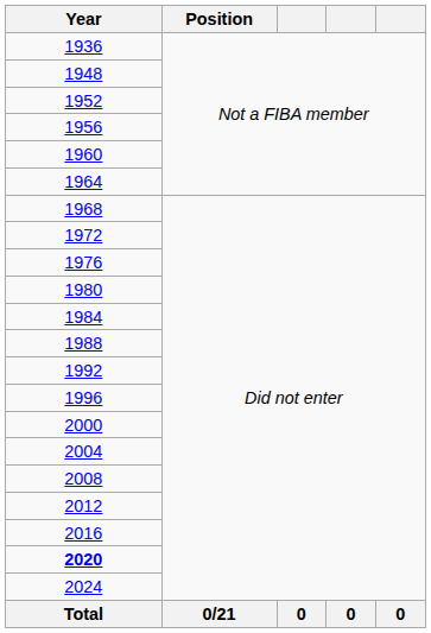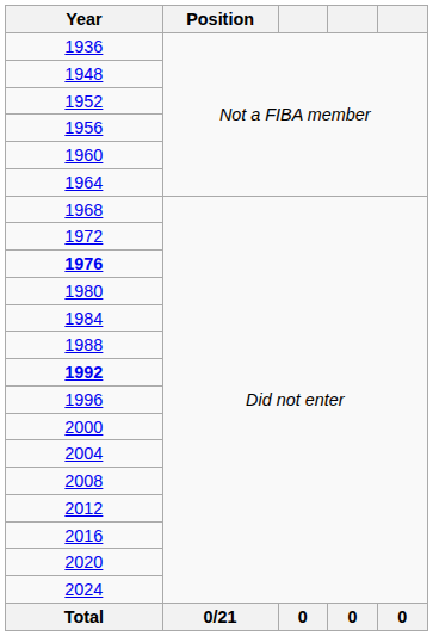 <table class="wikitable" style="text-align: center;font-size:90%;">
 <tr>
 <th width=125>Year</th>
 <th width=90>Position</th>
 <th width=35></th>
 <th width=35></th>
 <th width=35></th>
 </tr>
 <tr>
 <td> <a href='#'>1936</a></td>
 <td colspan="4" rowspan="6"><em>Not a FIBA member</em></td>
 </tr>
 <tr>
 <td> <a href='#'>1948</a></td>
 </tr>
 <tr>
 <td> <a href='#'>1952</a></td>
 </tr>
 <tr>
 <td> <a href='#'>1956</a></td>
 </tr>
 <tr>
 <td> <a href='#'>1960</a></td>
 </tr>
 <tr>
 <td> <a href='#'>1964</a></td>
 </tr>
 <tr>
 <td> <a href='#'>1968</a></td>
 <td colspan="4" rowspan="15"><em>Did not enter</em></td>
 </tr>
 <tr>
 <td> <a href='#'>1972</a></td>
 </tr>
 <tr>
-<td> <a href='#'>1976</a></td>
+<td><strong> <a href='#'>1976</a></strong></td>
 </tr>
 <tr>
 <td> <a href='#'>1980</a></td>
 </tr>
 <tr>
 <td> <a href='#'>1984</a></td>
 </tr>
 <tr>
 <td> <a href='#'>1988</a></td>
 </tr>
 <tr>
-<td> <a href='#'>1992</a></td>
+<td><strong> <a href='#'>1992</a></strong></td>
 </tr>
 <tr>
 <td> <a href='#'>1996</a></td>
 </tr>
 <tr>
 <td> <a href='#'>2000</a></td>
 </tr>
 <tr>
 <td> <a href='#'>2004</a></td>
 </tr>
 <tr>
 <td> <a href='#'>2008</a></td>
 </tr>
 <tr>
 <td> <a href='#'>2012</a></td>
 </tr>
 <tr>
 <td> <a href='#'>2016</a></td>
 </tr>
 <tr>
-<td><strong> <a href='#'>2020</a></strong></td>
+<td> <a href='#'>2020</a></td>
 </tr>
 <tr>
 <td> <a href='#'>2024</a></td>
 </tr>
 <tr>
 <th>Total</th>
 <th>0/21</th>
 <th>0</th>
 <th>0</th>
 <th>0</th>
 </tr>
 </table>
